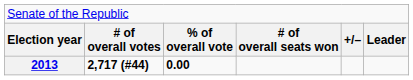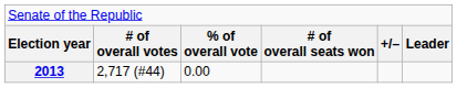 <table class=wikitable>
 <tr>
 <td colspan=6><a href='#'>Senate of the Republic</a></td>
 </tr>
 <tr>
 <th>Election year</th>
 <th># of<br>overall votes</th>
 <th>% of<br>overall vote</th>
 <th># of<br>overall seats won</th>
 <th>+/–</th>
 <th>Leader</th>
 </tr>
 <tr>
 <th><a href='#'>2013</a></th>
-<td><strong>2,717 (#44)</strong></td>
-<td><strong>0.00</strong></td>
+<td>2,717 (#44)</td>
+<td>0.00</td>
 <td></td>
 <td></td>
 <td></td>
 </tr>
 </table>
